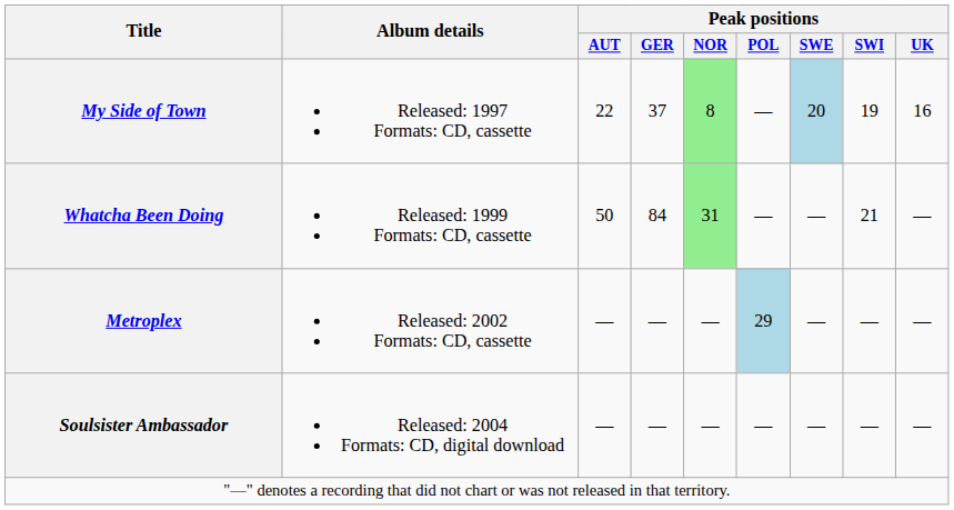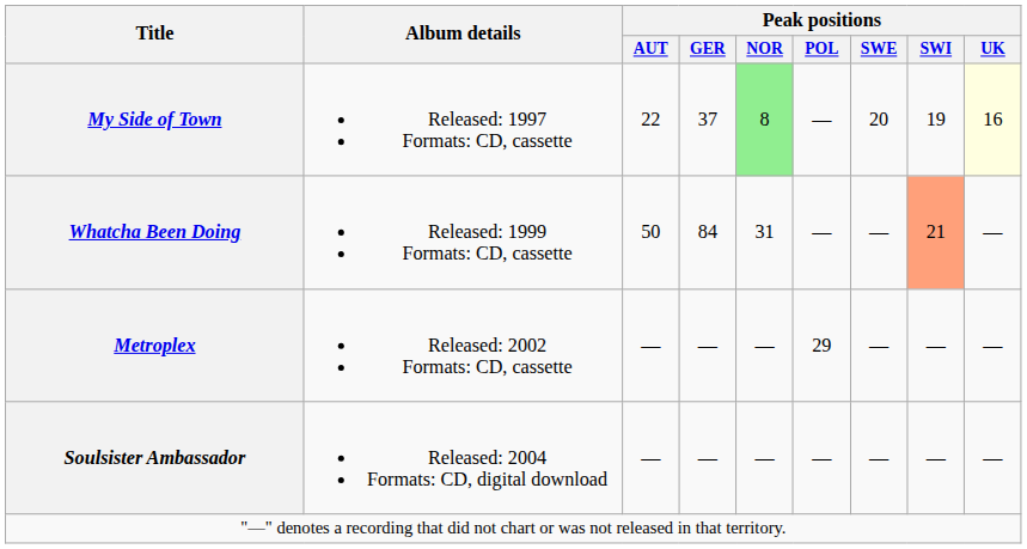 <table class="wikitable plainrowheaders" style="text-align:center;" border="1">
 <tr>
 <th scope="col" rowspan="2" style="width:15em;">Title</th>
 <th scope="col" rowspan="2" style="width:16em;">Album details</th>
 <th scope="col" colspan="7">Peak positions</th>
 </tr>
 <tr>
 <th style="width:3em;font-size:85%"><a href='#'>AUT</a><br></th>
 <th style="width:3em;font-size:85%"><a href='#'>GER</a><br></th>
 <th style="width:3em;font-size:85%"><a href='#'>NOR</a><br></th>
 <th style="width:3em;font-size:85%"><a href='#'>POL</a><br></th>
 <th style="width:3em;font-size:85%"><a href='#'>SWE</a><br></th>
 <th style="width:3em;font-size:85%"><a href='#'>SWI</a><br></th>
 <th style="width:3em;font-size:85%"><a href='#'>UK</a><br></th>
 </tr>
 <tr>
 <th scope="row"><em><a href='#'>My Side of Town</a></em></th>
 <td><br><ul><li>Released: 1997</li><li>Formats: CD, cassette</li></ul></td>
 <td>22</td>
 <td>37</td>
 <td style="background: lightgreen;">8</td>
 <td>—</td>
-<td style="background: lightblue;">20</td>
+<td>20</td>
 <td>19</td>
-<td>16</td>
+<td style="background: lightyellow;">16</td>
 </tr>
 <tr>
 <th scope="row"><em><a href='#'>Whatcha Been Doing</a></em></th>
 <td><br><ul><li>Released: 1999</li><li>Formats: CD, cassette</li></ul></td>
 <td>50</td>
 <td>84</td>
-<td style="background: lightgreen;">31</td>
+<td>31</td>
 <td>—</td>
 <td>—</td>
-<td>21</td>
+<td style="background: lightsalmon;">21</td>
 <td>—</td>
 </tr>
 <tr>
 <th scope="row"><em><a href='#'>Metroplex</a></em></th>
 <td><br><ul><li>Released: 2002</li><li>Formats: CD, cassette</li></ul></td>
 <td>—</td>
 <td>—</td>
 <td>—</td>
-<td style="background: lightblue;">29</td>
+<td>29</td>
 <td>—</td>
 <td>—</td>
 <td>—</td>
 </tr>
 <tr>
 <th scope="row"><em>Soulsister Ambassador</em></th>
 <td><br><ul><li>Released: 2004</li><li>Formats: CD, digital download</li></ul></td>
 <td>—</td>
 <td>—</td>
 <td>—</td>
 <td>—</td>
 <td>—</td>
 <td>—</td>
 <td>—</td>
 </tr>
 <tr>
 <td colspan="10" style="font-size:90%">"—" denotes a recording that did not chart or was not released in that territory.</td>
 </tr>
 </table>
